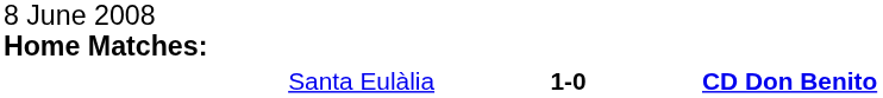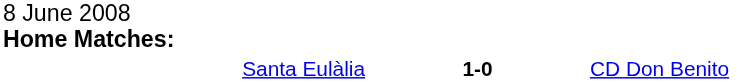 <table width=100% cellspacing=1>
 <tr>
 <th width=20%></th>
 <th width=12%></th>
 <th width=20%></th>
 <th></th>
 </tr>
 <tr>
 <td>8 June 2008<br><strong>Home Matches:</strong></td>
 </tr>
 <tr style=font-size:90%>
 <td align=right><a href='#'>Santa Eulàlia</a></td>
 <td align=center><strong>1-0</strong></td>
-<td><strong><a href='#'>CD Don Benito</a></strong></td>
+<td><a href='#'>CD Don Benito</a></td>
 </tr>
 </table>
